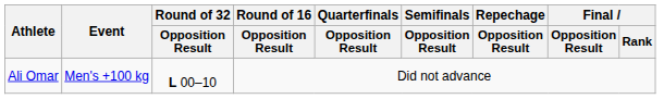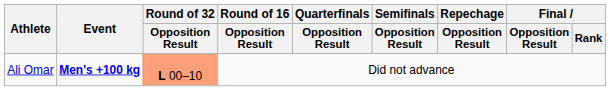 <table class="wikitable" style="font-size:90%">
 <tr>
 <th rowspan="2">Athlete</th>
 <th rowspan="2">Event</th>
 <th>Round of 32</th>
 <th>Round of 16</th>
 <th>Quarterfinals</th>
 <th>Semifinals</th>
 <th>Repechage</th>
 <th colspan=2>Final / </th>
 </tr>
 <tr style="font-size:95%">
 <th>Opposition<br>Result</th>
 <th>Opposition<br>Result</th>
 <th>Opposition<br>Result</th>
 <th>Opposition<br>Result</th>
 <th>Opposition<br>Result</th>
 <th>Opposition<br>Result</th>
 <th>Rank</th>
 </tr>
 <tr align=center>
 <td align=left><a href='#'>Ali Omar</a></td>
-<td align=left><a href='#'>Men's +100 kg</a></td>
-<td><br><strong>L</strong> 00–10</td>
+<td align=left><strong><a href='#'>Men's +100 kg</a></strong></td>
+<td style="background: lightsalmon;"><br><strong>L</strong> 00–10</td>
 <td colspan=6>Did not advance</td>
 </tr>
 </table>
